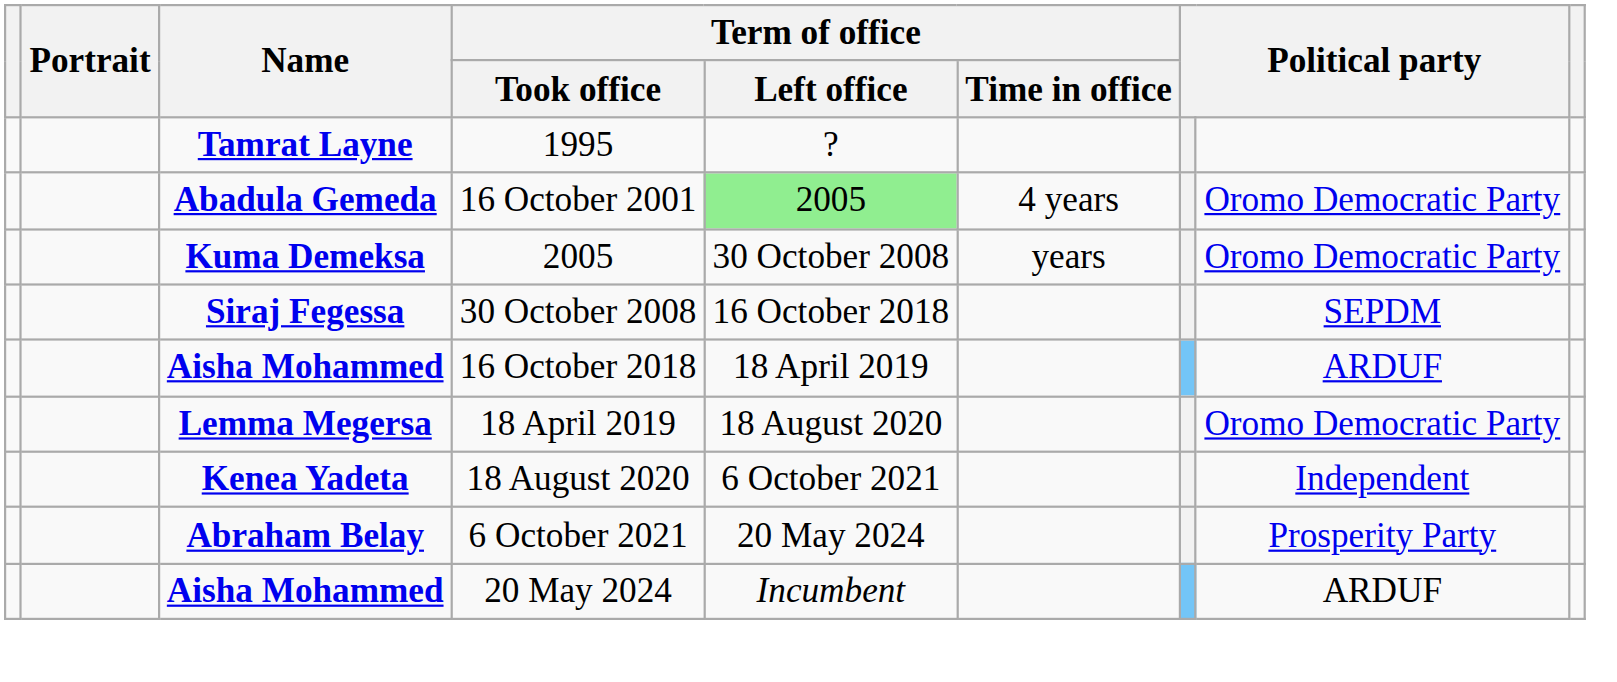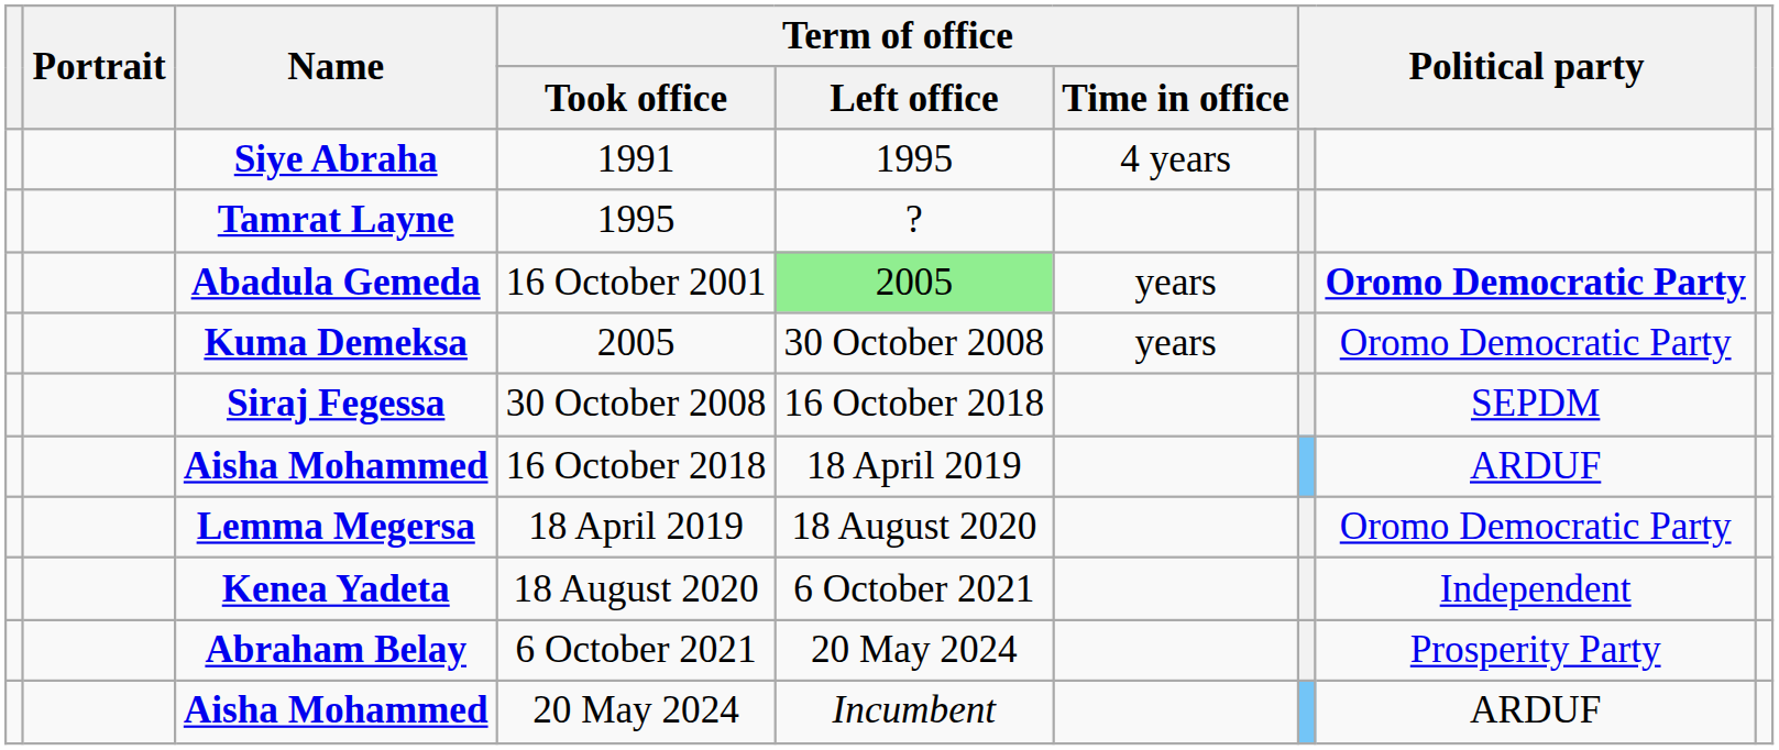 <table class="wikitable" style="text-align:center">
 <tr>
 <th rowspan=2></th>
 <th rowspan=2>Portrait</th>
 <th rowspan=2>Name<br></th>
 <th colspan=3>Term of office</th>
 <th colspan=2 rowspan=2>Political party</th>
 <th rowspan=2></th>
 </tr>
 <tr>
 <th>Took office</th>
 <th>Left office</th>
 <th>Time in office</th>
+</tr>
+<tr>
+<td></td>
+<td></td>
+<td><strong><a href='#'>Siye Abraha</a></strong></td>
+<td>1991</td>
+<td>1995</td>
+<td>4 years</td>
+<th></th>
+<td></td>
+<td></td>
 </tr>
 <tr>
 <td></td>
 <td></td>
 <td><strong><a href='#'>Tamrat Layne</a></strong></td>
 <td>1995</td>
 <td>?</td>
 <td></td>
 <th></th>
 <td></td>
 <td></td>
 </tr>
 <tr>
 <td></td>
 <td></td>
 <td><strong><a href='#'>Abadula Gemeda</a></strong><br></td>
 <td>16 October 2001</td>
 <td style="background: lightgreen;">2005</td>
-<td>4 years</td>
+<td> years</td>
 <th style="background:"></th>
-<td><a href='#'>Oromo Democratic Party</a></td>
+<td><strong><a href='#'>Oromo Democratic Party</a></strong></td>
 <td></td>
 </tr>
 <tr>
 <td></td>
 <td></td>
 <td><strong><a href='#'>Kuma Demeksa</a></strong><br></td>
 <td>2005</td>
 <td>30 October 2008</td>
 <td> years</td>
 <th style="background:"></th>
 <td><a href='#'>Oromo Democratic Party</a></td>
 <td></td>
 </tr>
 <tr>
 <td></td>
 <td></td>
 <td><strong><a href='#'>Siraj Fegessa</a></strong><br></td>
 <td>30 October 2008</td>
 <td>16 October 2018</td>
 <td></td>
 <th style="background:"></th>
 <td><a href='#'>SEPDM</a></td>
 <td></td>
 </tr>
 <tr>
 <td></td>
 <td></td>
 <td><strong><a href='#'>Aisha Mohammed</a></strong><br></td>
 <td>16 October 2018</td>
 <td>18 April 2019</td>
 <td></td>
 <th style="background:#73C5F7;"></th>
 <td><a href='#'>ARDUF</a></td>
 <td></td>
 </tr>
 <tr>
 <td></td>
 <td></td>
 <td><strong><a href='#'>Lemma Megersa</a></strong><br></td>
 <td>18 April 2019</td>
 <td>18 August 2020</td>
 <td></td>
 <th style="background:"></th>
 <td><a href='#'>Oromo Democratic Party</a></td>
 <td></td>
 </tr>
 <tr>
 <td></td>
 <td></td>
 <td><strong><a href='#'>Kenea Yadeta</a></strong></td>
 <td>18 August 2020</td>
 <td>6 October 2021</td>
 <td></td>
 <th style="background:"></th>
 <td><a href='#'>Independent</a></td>
 <td></td>
 </tr>
 <tr>
 <td></td>
 <td></td>
 <td><strong><a href='#'>Abraham Belay</a></strong></td>
 <td>6 October 2021</td>
 <td>20 May 2024</td>
 <td></td>
 <th style="background:"></th>
 <td><a href='#'>Prosperity Party</a></td>
 <td></td>
 </tr>
 <tr>
 <td></td>
 <td></td>
 <td><strong><a href='#'>Aisha Mohammed</a></strong></td>
 <td>20 May 2024</td>
 <td><em>Incumbent</em></td>
 <td></td>
 <th style="background:#73C5F7;"></th>
 <td>ARDUF</td>
 </tr>
 </table>
